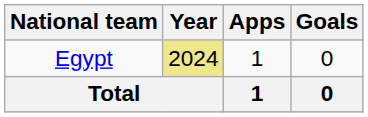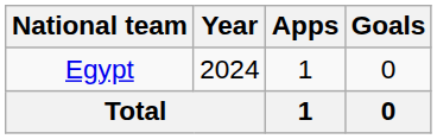 <table class="wikitable" style="text-align:center">
 <tr>
 <th>National team</th>
 <th>Year</th>
 <th>Apps</th>
 <th>Goals</th>
 </tr>
 <tr>
 <td rowspan="1"><a href='#'>Egypt</a></td>
-<td style="background: khaki;">2024</td>
+<td>2024</td>
 <td>1</td>
 <td>0</td>
 </tr>
 <tr>
 <th colspan="2">Total</th>
 <th>1</th>
 <th>0</th>
 </tr>
 </table>
